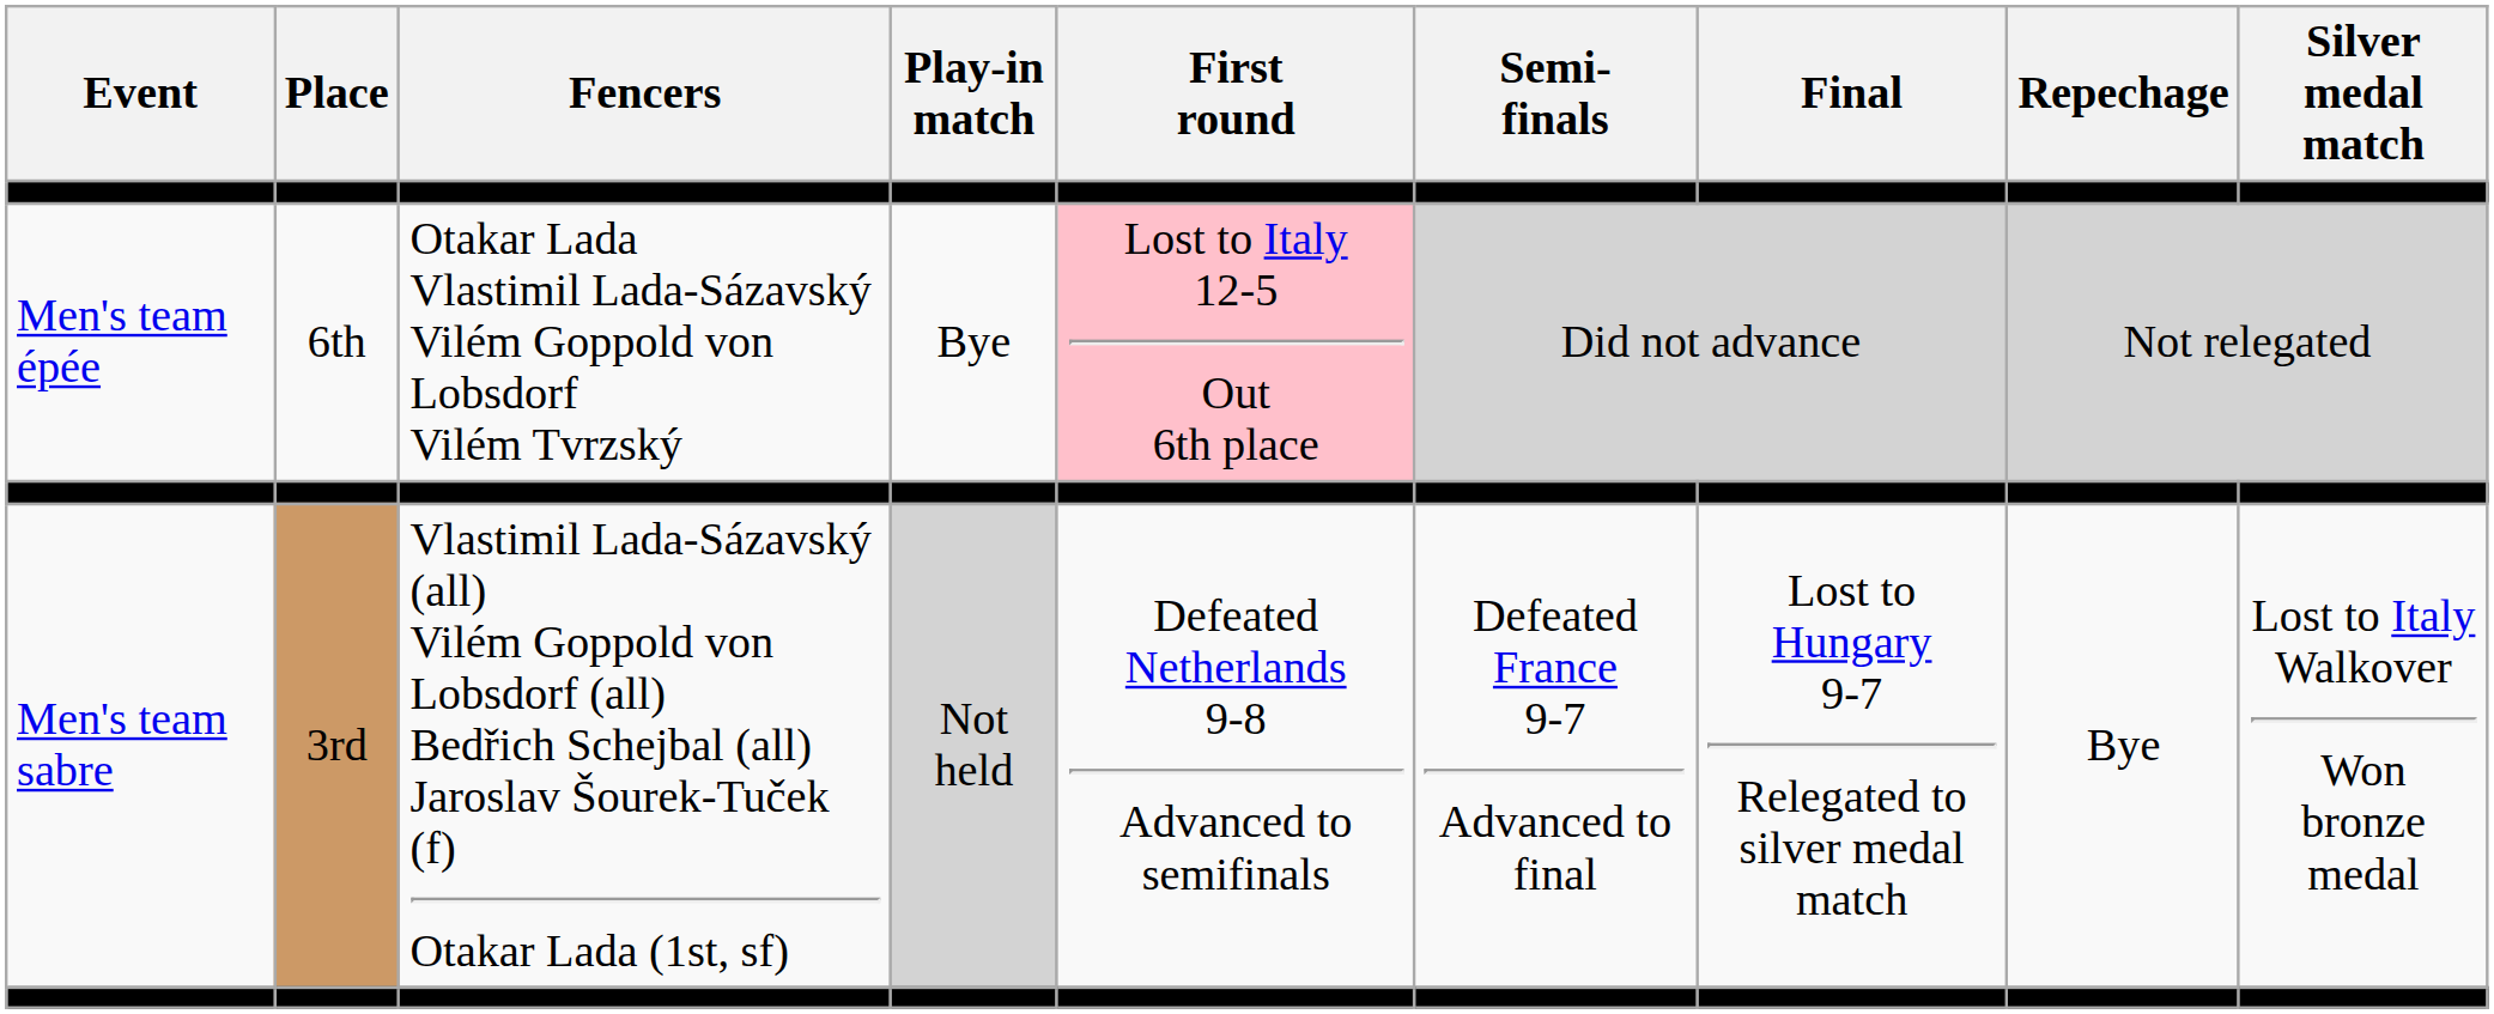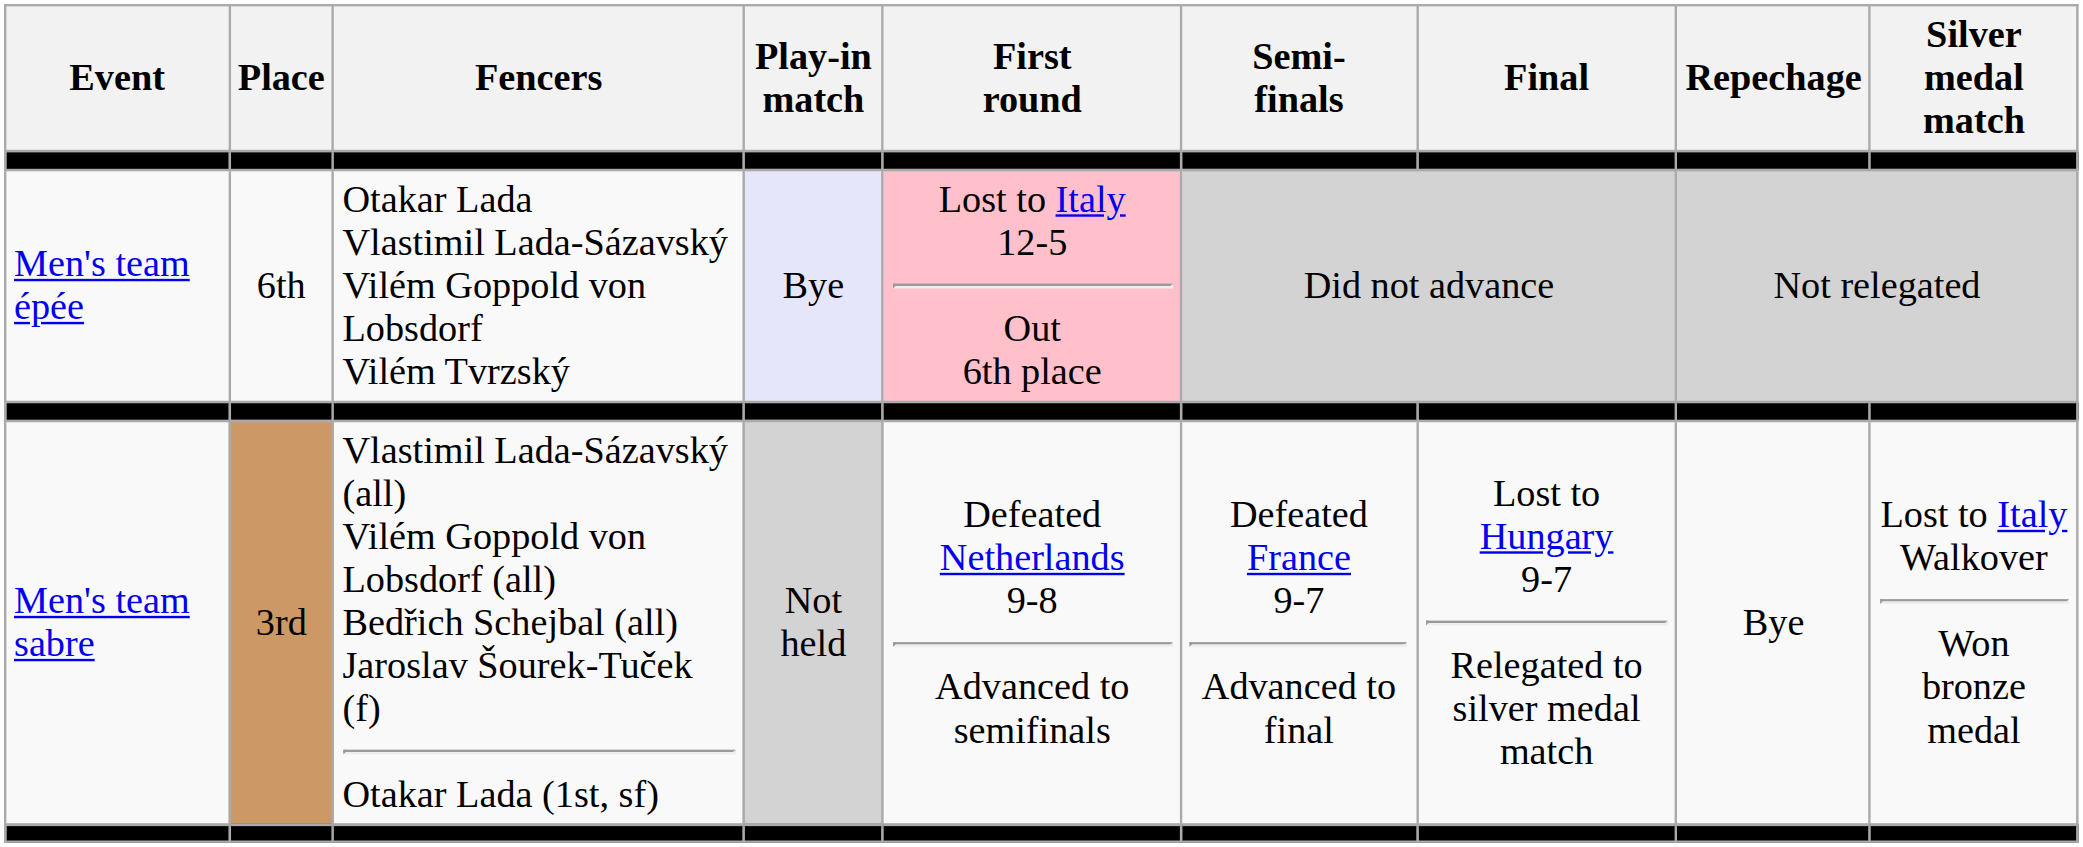 <table class=wikitable>
 <tr>
 <th>Event</th>
 <th>Place</th>
 <th>Fencers</th>
 <th>Play-in <br> match</th>
 <th>First <br> round</th>
 <th>Semi-<br>finals</th>
 <th>Final</th>
 <th>Repechage</th>
 <th>Silver <br> medal match</th>
 </tr>
 <tr bgcolor=black>
 <td></td>
 <td></td>
 <td></td>
 <td></td>
 <td></td>
 <td></td>
 <td></td>
 <td></td>
 <td></td>
 </tr>
 <tr align=center>
 <td align=left><a href='#'>Men's team épée</a></td>
 <td>6th</td>
 <td align=left>Otakar Lada <br> Vlastimil Lada-Sázavský <br> Vilém Goppold von Lobsdorf <br> Vilém Tvrzský</td>
-<td>Bye</td>
+<td style="background: lavender;">Bye</td>
 <td style="background: pink;">Lost to <a href='#'>Italy</a> <br> 12-5 <hr> Out <br> 6th place</td>
 <td colspan=2 bgcolor=lightgray>Did not advance</td>
 <td colspan=2 bgcolor=lightgray>Not relegated</td>
 </tr>
 <tr bgcolor=black>
 <td></td>
 <td></td>
 <td></td>
 <td></td>
 <td></td>
 <td></td>
 <td></td>
 <td></td>
 <td></td>
 </tr>
 <tr align=center>
 <td align=left><a href='#'>Men's team sabre</a></td>
 <td bgcolor=cc9966>3rd</td>
 <td align=left>Vlastimil Lada-Sázavský (all) <br> Vilém Goppold von Lobsdorf (all) <br> Bedřich Schejbal (all) <br> Jaroslav Šourek-Tuček (f) <hr> Otakar Lada (1st, sf)</td>
 <td bgcolor=lightgray>Not held</td>
 <td>Defeated <a href='#'>Netherlands</a> <br> 9-8 <hr> Advanced to <br> semifinals</td>
 <td>Defeated <a href='#'>France</a> <br> 9-7 <hr> Advanced to <br> final</td>
 <td>Lost to <a href='#'>Hungary</a> <br> 9-7 <hr> Relegated to <br> silver medal match</td>
 <td>Bye</td>
 <td>Lost to <a href='#'>Italy</a> <br> Walkover <hr> Won <br> bronze medal</td>
 </tr>
 <tr bgcolor=black>
 <td></td>
 <td></td>
 <td></td>
 <td></td>
 <td></td>
 <td></td>
 <td></td>
 <td></td>
 <td></td>
 </tr>
 </table>
